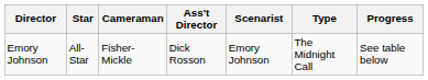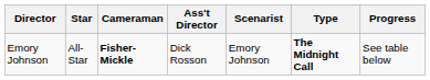 <table class="wikitable" style="margin-right: auto; border: none;">
 <tr>
 <th style=max-width:6em>Director</th>
 <th style=max-width:6em>Star</th>
 <th style=max-width:6em>Cameraman</th>
 <th style=max-width:12em>Ass't Director</th>
 <th style=max-width:6em>Scenarist</th>
 <th style=max-width:6em>Type</th>
 <th style=max-width:6em>Progress</th>
 </tr>
 <tr>
 <td>Emory Johnson</td>
 <td>All-Star</td>
-<td>Fisher-Mickle</td>
+<td><strong>Fisher-Mickle</strong></td>
 <td>Dick Rosson</td>
 <td>Emory Johnson</td>
-<td>The Midnight Call</td>
+<td><strong>The Midnight Call</strong></td>
 <td>See table below</td>
 </tr>
 </table>
